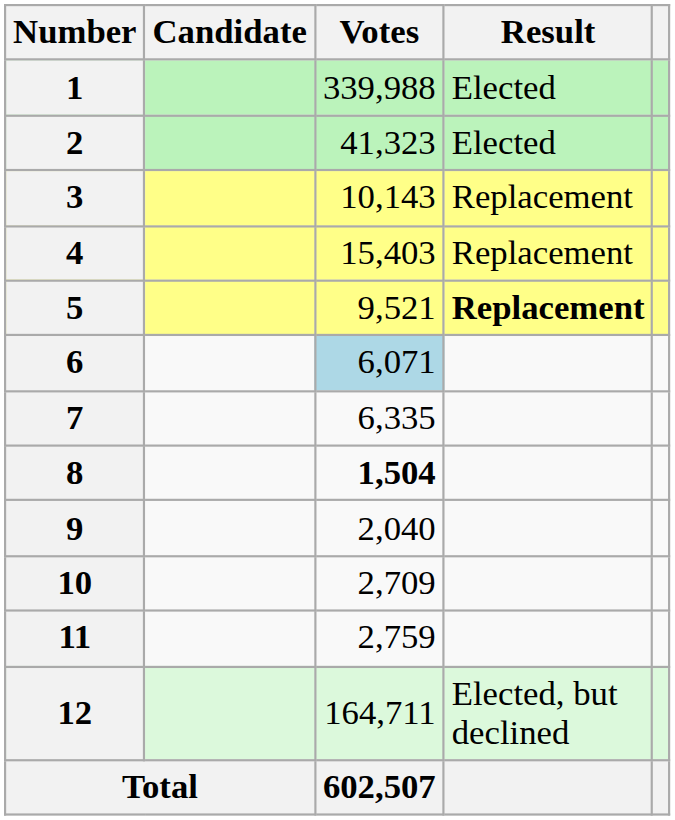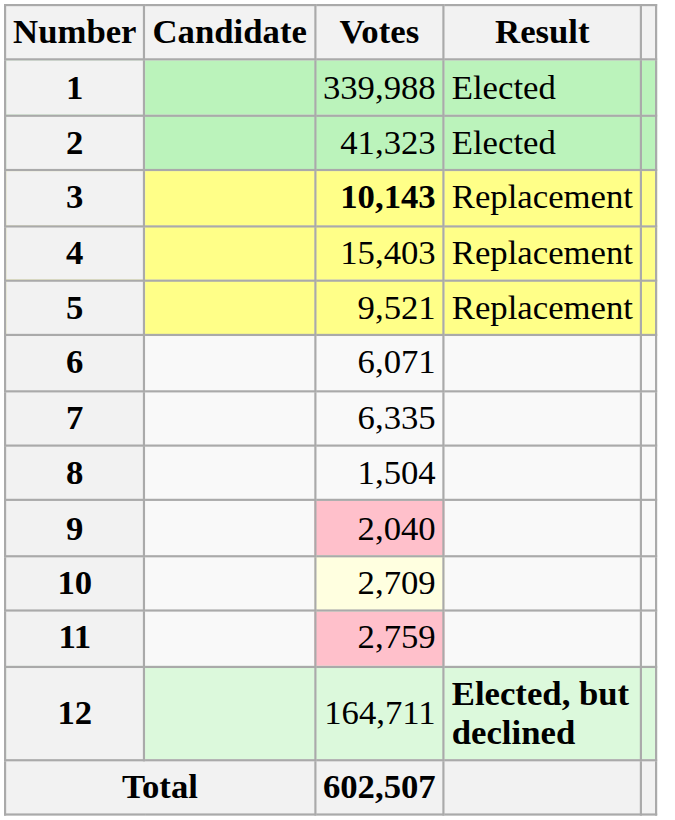 <table class="wikitable sortable">
 <tr>
 <th scope="col">Number</th>
 <th scope="col">Candidate</th>
 <th scope="col">Votes</th>
 <th scope="col">Result</th>
 <th scope="col" class="unsortable"></th>
 </tr>
 <tr bgcolor=bbf3bb>
 <th scope="row">1</th>
 <td></td>
 <td style="text-align:right">339,988</td>
 <td>Elected</td>
 <td></td>
 </tr>
 <tr bgcolor=bbf3bb>
 <th scope="row">2</th>
 <td></td>
 <td style="text-align:right">41,323</td>
 <td>Elected</td>
 <td></td>
 </tr>
 <tr bgcolor=#FF8>
 <th scope="row">3</th>
 <td></td>
-<td style="text-align:right">10,143</td>
+<td style="text-align:right"><strong>10,143</strong></td>
 <td>Replacement</td>
 <td></td>
 </tr>
 <tr bgcolor=#FF8>
 <th scope="row">4</th>
 <td></td>
 <td style="text-align:right">15,403</td>
 <td>Replacement</td>
 <td></td>
 </tr>
 <tr bgcolor=#FF8>
 <th scope="row">5</th>
 <td></td>
 <td style="text-align:right">9,521</td>
-<td><strong>Replacement</strong></td>
+<td>Replacement</td>
 <td></td>
 </tr>
 <tr>
 <th scope="row">6</th>
 <td></td>
-<td style="background: lightblue; text-align:right">6,071</td>
+<td style="text-align:right">6,071</td>
 <td></td>
 <td></td>
 </tr>
 <tr>
 <th scope="row">7</th>
 <td></td>
 <td style="text-align:right">6,335</td>
 <td></td>
 <td></td>
 </tr>
 <tr>
 <th scope="row">8</th>
 <td></td>
-<td style="text-align:right"><strong>1,504</strong></td>
+<td style="text-align:right">1,504</td>
 <td></td>
 <td></td>
 </tr>
 <tr>
 <th scope="row">9</th>
 <td></td>
-<td style="text-align:right">2,040</td>
+<td style="background: pink; text-align:right">2,040</td>
 <td></td>
 <td></td>
 </tr>
 <tr>
 <th scope="row">10</th>
 <td></td>
-<td style="text-align:right">2,709</td>
+<td style="background: lightyellow; text-align:right">2,709</td>
 <td></td>
 <td></td>
 </tr>
 <tr>
 <th scope="row">11</th>
 <td></td>
-<td style="text-align:right">2,759</td>
+<td style="background: pink; text-align:right">2,759</td>
 <td></td>
 <td></td>
 </tr>
 <tr bgcolor=dcf9dc>
 <th scope="row">12</th>
 <td></td>
 <td style="text-align:right">164,711</td>
-<td>Elected, but<br>declined</td>
+<td><strong>Elected, but<br>declined</strong></td>
 <td></td>
 </tr>
 <tr class="sortbottom">
 <th scope="row" colspan="2">Total</th>
 <th style="text-align:right">602,507</th>
 <th></th>
 <th></th>
 </tr>
 </table>
